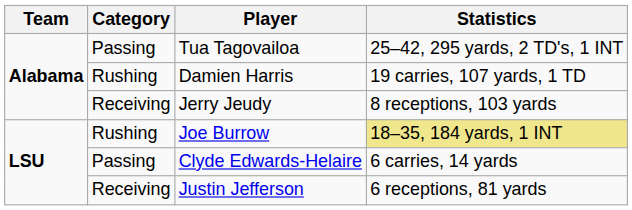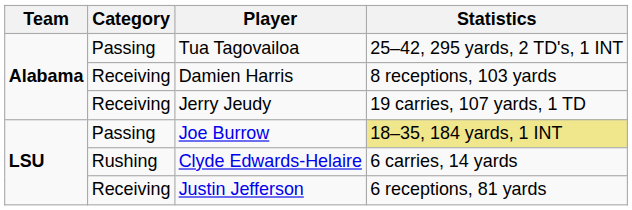 <table class="wikitable" style="float: right;">
 <tr>
 <th>Team</th>
 <th>Category</th>
 <th>Player</th>
 <th>Statistics</th>
 </tr>
 <tr>
 <td rowspan=3><strong>Alabama</strong></td>
 <td>Passing</td>
 <td>Tua Tagovailoa</td>
 <td>25–42, 295 yards, 2 TD's, 1 INT</td>
 </tr>
 <tr>
-<td>Rushing</td>
+<td>Receiving</td>
 <td>Damien Harris</td>
-<td>19 carries, 107 yards, 1 TD</td>
+<td>8 receptions, 103 yards</td>
 </tr>
 <tr>
 <td>Receiving</td>
 <td>Jerry Jeudy</td>
-<td>8 receptions, 103 yards</td>
+<td>19 carries, 107 yards, 1 TD</td>
 </tr>
 <tr>
 <td rowspan=3><strong>LSU</strong></td>
-<td>Rushing</td>
+<td>Passing</td>
 <td><a href='#'>Joe Burrow</a></td>
 <td style="background: khaki;">18–35, 184 yards, 1 INT</td>
 </tr>
 <tr>
-<td>Passing</td>
+<td>Rushing</td>
 <td><a href='#'>Clyde Edwards-Helaire</a></td>
 <td>6 carries, 14 yards</td>
 </tr>
 <tr>
 <td>Receiving</td>
 <td><a href='#'>Justin Jefferson</a></td>
 <td>6 receptions, 81 yards</td>
 </tr>
 </table>
